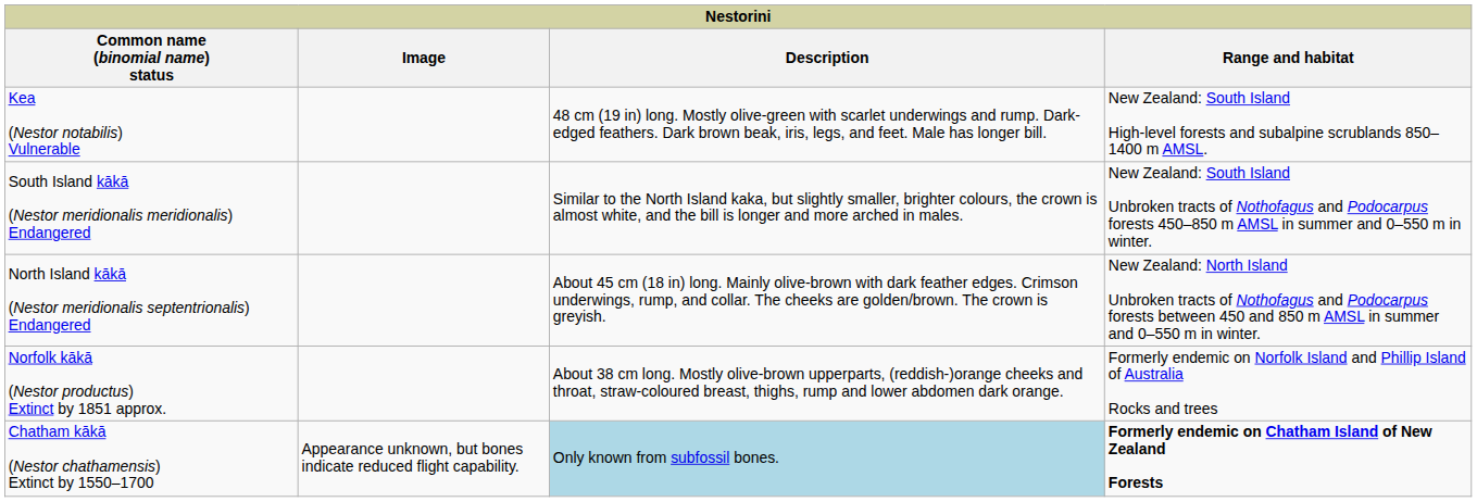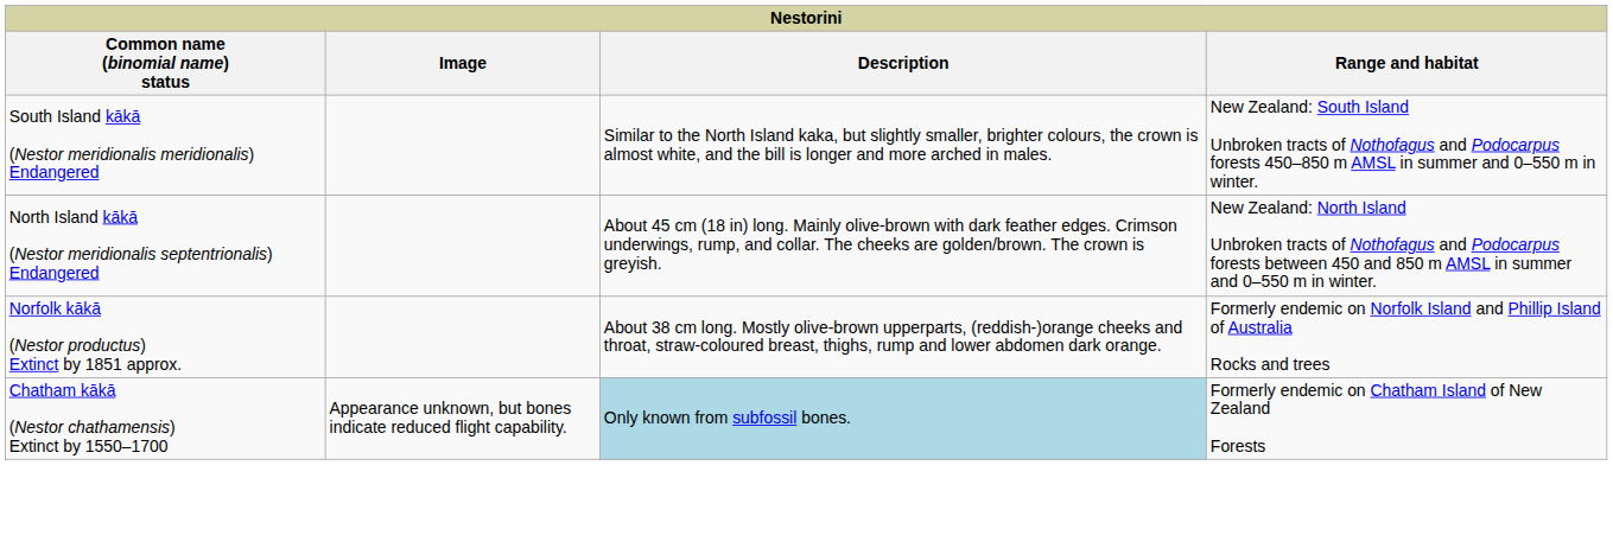 <table style="width:98%;" class="wikitable" border="1">
 <tr>
 <th align="center" style="background-color: #D3D3A4" colspan ="4"><strong>Nestorini</strong></th>
 </tr>
 <tr>
 <th width = "20%">Common name<br>(<em>binomial name</em>)<br>status</th>
 <th>Image</th>
 <th align="center">Description</th>
 <th width = "25%">Range and habitat</th>
-</tr>
-<tr>
-<td><a href='#'>Kea</a><br><br>(<em>Nestor notabilis</em>)<br> <a href='#'>Vulnerable</a></td>
-<td></td>
-<td>48 cm (19 in) long. Mostly olive-green with scarlet underwings and rump. Dark-edged feathers. Dark brown beak, iris, legs, and feet. Male has longer bill.</td>
-<td>New Zealand: <a href='#'>South Island</a><br><br>High-level forests and subalpine scrublands 850–1400 m <a href='#'>AMSL</a>.</td>
 </tr>
 <tr>
 <td>South Island <a href='#'>kākā</a><br><br>(<em>Nestor meridionalis meridionalis</em>)<br> <a href='#'>Endangered</a></td>
 <td></td>
 <td>Similar to the North Island kaka, but slightly smaller, brighter colours, the crown is almost white, and the bill is longer and more arched in males.</td>
 <td>New Zealand: <a href='#'>South Island</a><br><br>Unbroken tracts of <em><a href='#'>Nothofagus</a></em> and <em><a href='#'>Podocarpus</a></em> forests 450–850 m <a href='#'>AMSL</a> in summer and 0–550 m in winter.</td>
 </tr>
 <tr>
 <td>North Island <a href='#'>kākā</a><br><br>(<em>Nestor meridionalis septentrionalis</em>)<br> <a href='#'>Endangered</a></td>
 <td></td>
 <td>About 45 cm (18 in) long. Mainly olive-brown with dark feather edges. Crimson underwings, rump, and collar. The cheeks are golden/brown. The crown is greyish.</td>
 <td>New Zealand: <a href='#'>North Island</a><br><br>Unbroken tracts of <em><a href='#'>Nothofagus</a></em> and <em><a href='#'>Podocarpus</a></em> forests between 450 and 850 m <a href='#'>AMSL</a> in summer and 0–550 m in winter.</td>
 </tr>
 <tr>
 <td><a href='#'>Norfolk kākā</a><br><br>(<em>Nestor productus</em>)<br> <a href='#'>Extinct</a> by 1851 approx.</td>
 <td></td>
 <td>About 38 cm long. Mostly olive-brown upperparts, (reddish-)orange cheeks and throat, straw-coloured breast, thighs, rump and lower abdomen dark orange.</td>
 <td>Formerly endemic on <a href='#'>Norfolk Island</a> and <a href='#'>Phillip Island</a> of <a href='#'>Australia</a><br><br>Rocks and trees</td>
 </tr>
 <tr>
 <td><a href='#'>Chatham kākā</a><br><br>(<em>Nestor</em> <em>chathamensis</em>)<br> Extinct by 1550–1700</td>
 <td>Appearance unknown, but bones indicate reduced flight capability.</td>
 <td style="background: lightblue;">Only known from <a href='#'>subfossil</a> bones.</td>
-<td><strong>Formerly endemic on <a href='#'>Chatham Island</a> of New Zealand<br><br>Forests</strong></td>
+<td>Formerly endemic on <a href='#'>Chatham Island</a> of New Zealand<br><br>Forests</td>
 </tr>
 </table>
